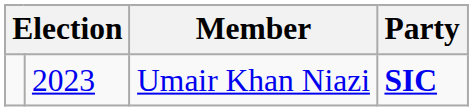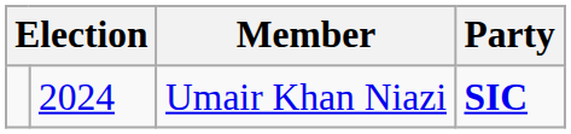 <table class="wikitable">
 <tr>
 <th colspan="2">Election</th>
 <th>Member</th>
 <th>Party</th>
 </tr>
 <tr>
 <td style="background-color: "></td>
-<td><a href='#'>2023</a></td>
+<td><a href='#'>2024</a></td>
 <td><a href='#'>Umair Khan Niazi</a></td>
 <td><strong><a href='#'>SIC</a></strong></td>
 </tr>
 </table>
